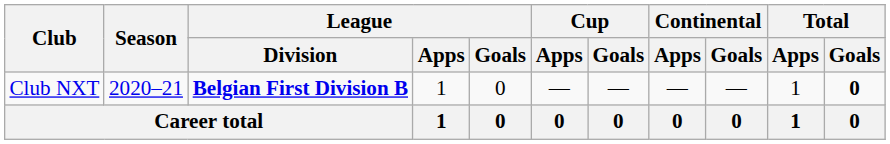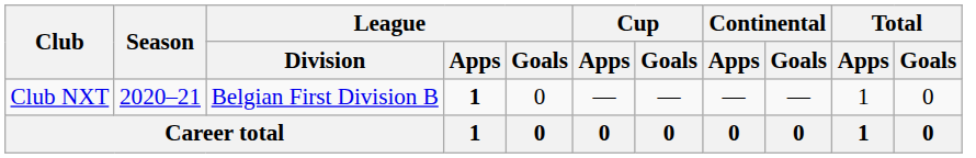 <table class=wikitable style=text-align:center>
 <tr>
 <th rowspan=2>Club</th>
 <th rowspan=2>Season</th>
 <th colspan=3>League</th>
 <th colspan=2>Cup</th>
 <th colspan=2>Continental</th>
 <th colspan=2>Total</th>
 </tr>
 <tr>
 <th>Division</th>
 <th>Apps</th>
 <th>Goals</th>
 <th>Apps</th>
 <th>Goals</th>
 <th>Apps</th>
 <th>Goals</th>
 <th>Apps</th>
 <th>Goals</th>
 </tr>
 <tr>
 <td rowspan=1><a href='#'>Club NXT</a></td>
 <td><a href='#'>2020–21</a></td>
-<td><strong><a href='#'>Belgian First Division B</a></strong></td>
-<td>1</td>
+<td><a href='#'>Belgian First Division B</a></td>
+<td><strong>1</strong></td>
 <td>0</td>
 <td>—</td>
 <td>—</td>
 <td>—</td>
 <td>—</td>
 <td>1</td>
-<td><strong>0</strong></td>
+<td>0</td>
 </tr>
 <tr>
 <th colspan=3>Career total</th>
 <th>1</th>
 <th>0</th>
 <th>0</th>
 <th>0</th>
 <th>0</th>
 <th>0</th>
 <th>1</th>
 <th>0</th>
 </tr>
 </table>
